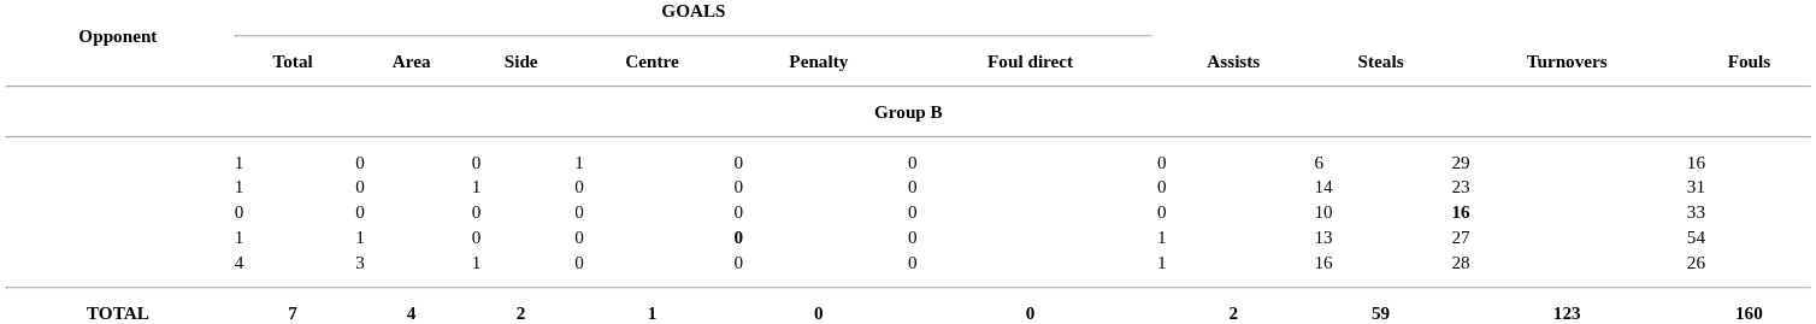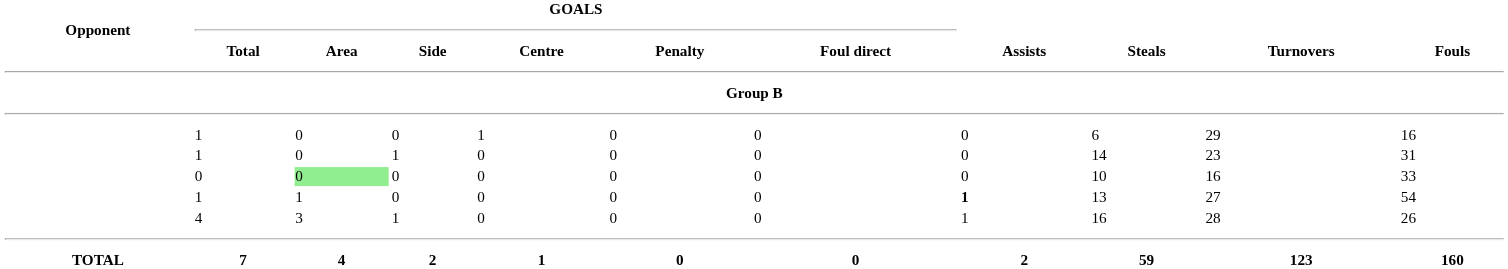 <table border=0 width=100%>
 <tr>
 <th rowspan=3>Opponent</th>
 <th align=center colspan=6 valign=bottom>GOALS</th>
 <th rowspan=3 valign=bottom>Assists</th>
 <th rowspan=3 valign=bottom>Steals</th>
 <th rowspan=3 valign=bottom>Turnovers</th>
 <th rowspan=3 valign=bottom>Fouls</th>
 </tr>
 <tr>
 <th colspan=6><hr></th>
 </tr>
 <tr>
 <th>Total</th>
 <th>Area</th>
 <th>Side</th>
 <th>Centre</th>
 <th>Penalty</th>
 <th>Foul direct</th>
 </tr>
 <tr>
 <th colspan=11><hr></th>
 </tr>
 <tr>
 <th colspan=11>Group B</th>
 </tr>
 <tr>
 <th colspan=11><hr></th>
 </tr>
 <tr>
 <td></td>
 <td>1</td>
 <td>0</td>
 <td>0</td>
 <td>1</td>
 <td>0</td>
 <td>0</td>
 <td>0</td>
 <td>6</td>
 <td>29</td>
 <td>16</td>
 </tr>
 <tr>
 <td></td>
 <td>1</td>
 <td>0</td>
 <td>1</td>
 <td>0</td>
 <td>0</td>
 <td>0</td>
 <td>0</td>
 <td>14</td>
 <td>23</td>
 <td>31</td>
 </tr>
 <tr>
 <td></td>
 <td>0</td>
-<td>0</td>
+<td style="background: lightgreen;">0</td>
 <td>0</td>
 <td>0</td>
 <td>0</td>
 <td>0</td>
 <td>0</td>
 <td>10</td>
-<td><strong>16</strong></td>
+<td>16</td>
 <td>33</td>
 </tr>
 <tr>
 <td></td>
 <td>1</td>
 <td>1</td>
 <td>0</td>
 <td>0</td>
-<td><strong>0</strong></td>
 <td>0</td>
-<td>1</td>
+<td>0</td>
+<td><strong>1</strong></td>
 <td>13</td>
 <td>27</td>
 <td>54</td>
 </tr>
 <tr>
 <td></td>
 <td>4</td>
 <td>3</td>
 <td>1</td>
 <td>0</td>
 <td>0</td>
 <td>0</td>
 <td>1</td>
 <td>16</td>
 <td>28</td>
 <td>26</td>
 </tr>
 <tr>
 <td colspan=11><hr></td>
 </tr>
 <tr>
 <th>TOTAL</th>
 <th>7</th>
 <th>4</th>
 <th>2</th>
 <th>1</th>
 <th>0</th>
 <th>0</th>
 <th>2</th>
 <th>59</th>
 <th>123</th>
 <th>160</th>
 </tr>
 </table>
